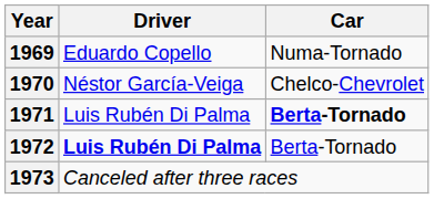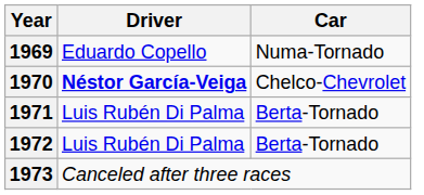 <table class="wikitable" style="font-size:95%;">
 <tr>
 <th>Year</th>
 <th>Driver</th>
 <th>Car</th>
 </tr>
 <tr>
 <th>1969</th>
 <td><a href='#'>Eduardo Copello</a></td>
 <td>Numa-Tornado</td>
 </tr>
 <tr>
 <th>1970</th>
-<td><a href='#'>Néstor García-Veiga</a></td>
+<td><strong><a href='#'>Néstor García-Veiga</a></strong></td>
 <td>Chelco-<a href='#'>Chevrolet</a></td>
 </tr>
 <tr>
 <th>1971</th>
 <td><a href='#'>Luis Rubén Di Palma</a></td>
-<td><strong><a href='#'>Berta</a>-Tornado</strong></td>
+<td><a href='#'>Berta</a>-Tornado</td>
 </tr>
 <tr>
 <th>1972</th>
-<td><strong><a href='#'>Luis Rubén Di Palma</a></strong></td>
+<td><a href='#'>Luis Rubén Di Palma</a></td>
 <td><a href='#'>Berta</a>-Tornado</td>
 </tr>
 <tr>
 <th>1973</th>
 <td colspan="2"><em>Canceled after three races</em></td>
 </tr>
 </table>
